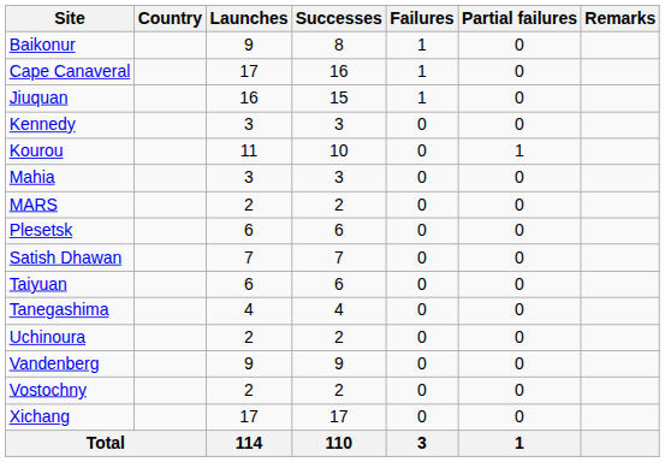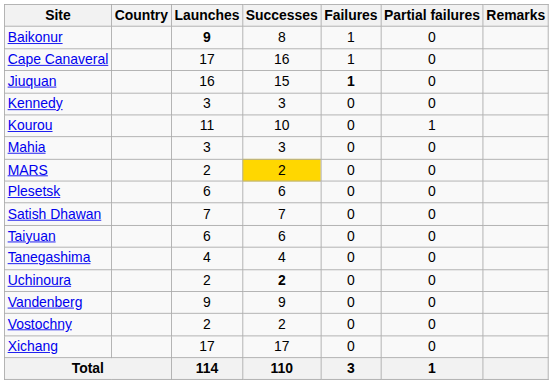 <table class="wikitable sortable" style="text-align:center;">
 <tr>
 <th>Site</th>
 <th>Country</th>
 <th>Launches</th>
 <th>Successes</th>
 <th>Failures</th>
 <th>Partial failures</th>
 <th>Remarks</th>
 </tr>
 <tr>
 <td align=left><a href='#'>Baikonur</a></td>
 <td align=left></td>
-<td>9</td>
+<td><strong>9</strong></td>
 <td>8</td>
 <td>1</td>
 <td>0</td>
 <td></td>
 </tr>
 <tr>
 <td align=left><a href='#'>Cape Canaveral</a></td>
 <td align=left></td>
 <td>17</td>
 <td>16</td>
 <td>1</td>
 <td>0</td>
 <td></td>
 </tr>
 <tr>
 <td align=left><a href='#'>Jiuquan</a></td>
 <td align=left></td>
 <td>16</td>
 <td>15</td>
-<td>1</td>
+<td><strong>1</strong></td>
 <td>0</td>
 <td></td>
 </tr>
 <tr>
 <td align=left><a href='#'>Kennedy</a></td>
 <td align=left></td>
 <td>3</td>
 <td>3</td>
 <td>0</td>
 <td>0</td>
 <td></td>
 </tr>
 <tr>
 <td align=left><a href='#'>Kourou</a></td>
 <td align=left></td>
 <td>11</td>
 <td>10</td>
 <td>0</td>
 <td>1</td>
 <td></td>
 </tr>
 <tr>
 <td align=left><a href='#'>Mahia</a></td>
 <td align=left></td>
 <td>3</td>
 <td>3</td>
 <td>0</td>
 <td>0</td>
 <td></td>
 </tr>
 <tr>
 <td align=left><a href='#'>MARS</a></td>
 <td align=left></td>
 <td>2</td>
-<td>2</td>
+<td style="background: gold;">2</td>
 <td>0</td>
 <td>0</td>
 <td></td>
 </tr>
 <tr>
 <td align=left><a href='#'>Plesetsk</a></td>
 <td align=left></td>
 <td>6</td>
 <td>6</td>
 <td>0</td>
 <td>0</td>
 <td></td>
 </tr>
 <tr>
 <td align=left><a href='#'>Satish Dhawan</a></td>
 <td align=left></td>
 <td>7</td>
 <td>7</td>
 <td>0</td>
 <td>0</td>
 <td></td>
 </tr>
 <tr>
 <td align=left><a href='#'>Taiyuan</a></td>
 <td align=left></td>
 <td>6</td>
 <td>6</td>
 <td>0</td>
 <td>0</td>
 <td></td>
 </tr>
 <tr>
 <td align=left><a href='#'>Tanegashima</a></td>
 <td align=left></td>
 <td>4</td>
 <td>4</td>
 <td>0</td>
 <td>0</td>
 <td></td>
 </tr>
 <tr>
 <td align=left><a href='#'>Uchinoura</a></td>
 <td align=left></td>
 <td>2</td>
-<td>2</td>
+<td><strong>2</strong></td>
 <td>0</td>
 <td>0</td>
 <td></td>
 </tr>
 <tr>
 <td align=left><a href='#'>Vandenberg</a></td>
 <td align=left></td>
 <td>9</td>
 <td>9</td>
 <td>0</td>
 <td>0</td>
 <td></td>
 </tr>
 <tr>
 <td align=left><a href='#'>Vostochny</a></td>
 <td align=left></td>
 <td>2</td>
 <td>2</td>
 <td>0</td>
 <td>0</td>
 <td></td>
 </tr>
 <tr>
 <td align=left><a href='#'>Xichang</a></td>
 <td align=left></td>
 <td>17</td>
 <td>17</td>
 <td>0</td>
 <td>0</td>
 <td></td>
 </tr>
 <tr class="sortbottom">
 <th colspan=2>Total</th>
 <th>114</th>
 <th>110</th>
 <th>3</th>
 <th>1</th>
 <th></th>
 </tr>
 </table>
